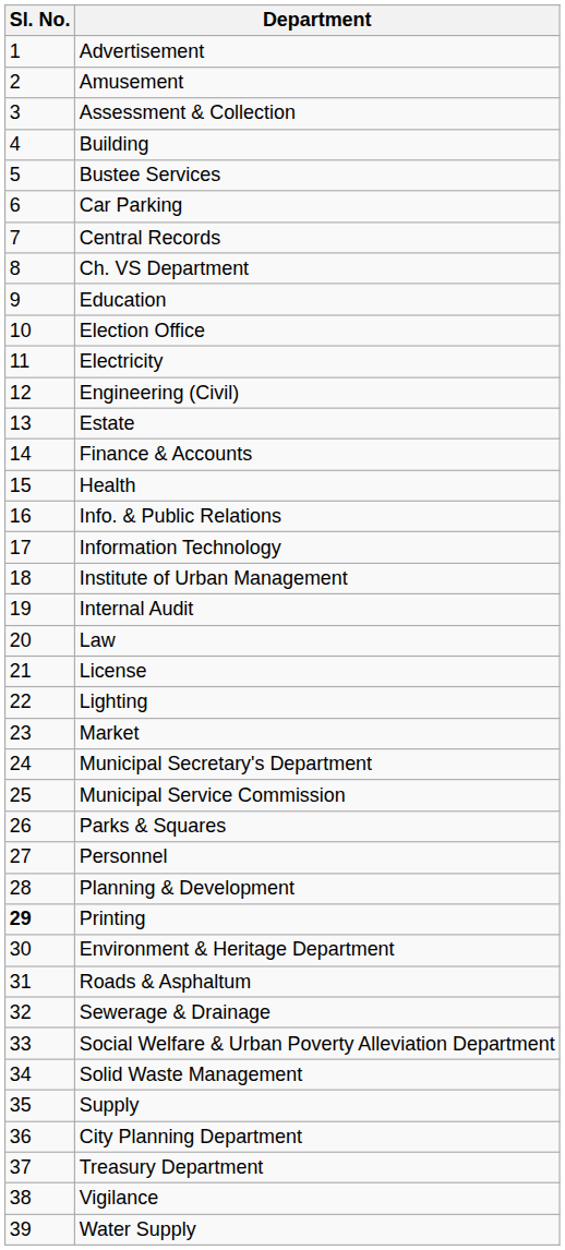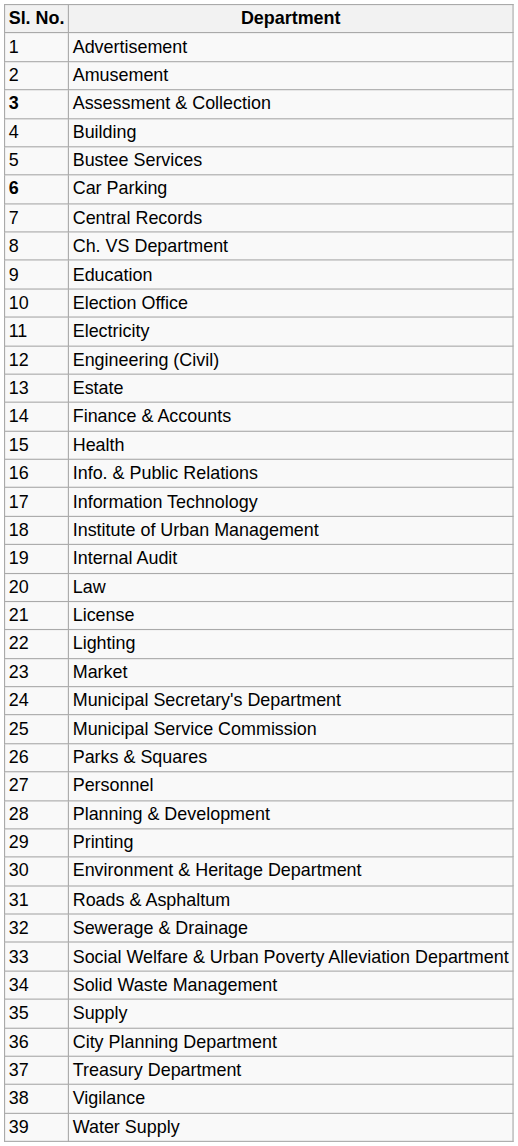 <table class="wikitable">
 <tr>
 <th>Sl. No.</th>
 <th>Department</th>
 </tr>
 <tr>
 <td>1</td>
 <td>Advertisement</td>
 </tr>
 <tr>
 <td>2</td>
 <td>Amusement</td>
 </tr>
 <tr>
-<td>3</td>
+<td><strong>3</strong></td>
 <td>Assessment & Collection</td>
 </tr>
 <tr>
 <td>4</td>
 <td>Building</td>
 </tr>
 <tr>
 <td>5</td>
 <td>Bustee Services</td>
 </tr>
 <tr>
-<td>6</td>
+<td><strong>6</strong></td>
 <td>Car Parking</td>
 </tr>
 <tr>
 <td>7</td>
 <td>Central Records</td>
 </tr>
 <tr>
 <td>8</td>
 <td>Ch. VS Department</td>
 </tr>
 <tr>
 <td>9</td>
 <td>Education</td>
 </tr>
 <tr>
 <td>10</td>
 <td>Election Office</td>
 </tr>
 <tr>
 <td>11</td>
 <td>Electricity</td>
 </tr>
 <tr>
 <td>12</td>
 <td>Engineering (Civil)</td>
 </tr>
 <tr>
 <td>13</td>
 <td>Estate</td>
 </tr>
 <tr>
 <td>14</td>
 <td>Finance & Accounts</td>
 </tr>
 <tr>
 <td>15</td>
 <td>Health</td>
 </tr>
 <tr>
 <td>16</td>
 <td>Info. & Public Relations</td>
 </tr>
 <tr>
 <td>17</td>
 <td>Information Technology</td>
 </tr>
 <tr>
 <td>18</td>
 <td>Institute of Urban Management</td>
 </tr>
 <tr>
 <td>19</td>
 <td>Internal Audit</td>
 </tr>
 <tr>
 <td>20</td>
 <td>Law</td>
 </tr>
 <tr>
 <td>21</td>
 <td>License</td>
 </tr>
 <tr>
 <td>22</td>
 <td>Lighting</td>
 </tr>
 <tr>
 <td>23</td>
 <td>Market</td>
 </tr>
 <tr>
 <td>24</td>
 <td>Municipal Secretary's Department</td>
 </tr>
 <tr>
 <td>25</td>
 <td>Municipal Service Commission</td>
 </tr>
 <tr>
 <td>26</td>
 <td>Parks & Squares</td>
 </tr>
 <tr>
 <td>27</td>
 <td>Personnel</td>
 </tr>
 <tr>
 <td>28</td>
 <td>Planning & Development</td>
 </tr>
 <tr>
-<td><strong>29</strong></td>
+<td>29</td>
 <td>Printing</td>
 </tr>
 <tr>
 <td>30</td>
 <td>Environment & Heritage  Department</td>
 </tr>
 <tr>
 <td>31</td>
 <td>Roads & Asphaltum</td>
 </tr>
 <tr>
 <td>32</td>
 <td>Sewerage & Drainage</td>
 </tr>
 <tr>
 <td>33</td>
 <td>Social Welfare & Urban Poverty  Alleviation Department</td>
 </tr>
 <tr>
 <td>34</td>
 <td>Solid Waste Management</td>
 </tr>
 <tr>
 <td>35</td>
 <td>Supply</td>
 </tr>
 <tr>
 <td>36</td>
 <td>City Planning Department</td>
 </tr>
 <tr>
 <td>37</td>
 <td>Treasury Department</td>
 </tr>
 <tr>
 <td>38</td>
 <td>Vigilance</td>
 </tr>
 <tr>
 <td>39</td>
 <td>Water Supply</td>
 </tr>
 </table>
